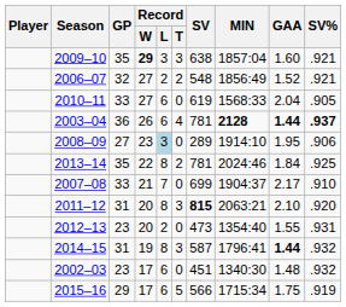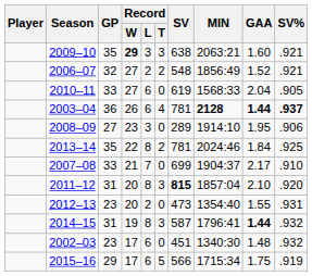 <table class="wikitable sortable" style="text-align:center;">
 <tr>
 <th rowspan="2">Player</th>
 <th rowspan="2">Season</th>
 <th rowspan="2">GP</th>
 <th colspan="3">Record</th>
 <th rowspan="2">SV</th>
 <th rowspan="2">MIN</th>
 <th rowspan="2">GAA</th>
 <th rowspan="2">SV%</th>
 </tr>
 <tr>
 <th>W</th>
 <th>L</th>
 <th>T</th>
 </tr>
 <tr>
 <td align="left"></td>
 <td><a href='#'>2009–10</a></td>
 <td>35</td>
 <td><strong>29</strong></td>
 <td>3</td>
 <td>3</td>
 <td>638</td>
-<td align="left">1857:04</td>
+<td align="left">2063:21</td>
 <td>1.60</td>
 <td>.921</td>
 </tr>
 <tr>
 <td align="left"></td>
 <td><a href='#'>2006–07</a></td>
 <td>32</td>
 <td>27</td>
 <td>2</td>
 <td>2</td>
 <td>548</td>
 <td align="left">1856:49</td>
 <td>1.52</td>
 <td>.921</td>
 </tr>
 <tr>
 <td align="left"></td>
 <td><a href='#'>2010–11</a></td>
 <td>33</td>
 <td>27</td>
 <td>6</td>
 <td>0</td>
 <td>619</td>
 <td align="left">1568:33</td>
 <td>2.04</td>
 <td>.905</td>
 </tr>
 <tr>
 <td align="left"></td>
 <td><a href='#'>2003–04</a></td>
 <td>36</td>
 <td>26</td>
 <td>6</td>
 <td>4</td>
 <td>781</td>
 <td align="left"><strong>2128</strong></td>
 <td><strong>1.44</strong></td>
 <td><strong>.937</strong></td>
 </tr>
 <tr>
 <td align="left"></td>
 <td><a href='#'>2008–09</a></td>
 <td>27</td>
 <td>23</td>
-<td style="background: lightblue;">3</td>
+<td>3</td>
 <td>0</td>
 <td>289</td>
 <td align="left">1914:10</td>
 <td>1.95</td>
 <td>.906</td>
 </tr>
 <tr>
 <td align="left"></td>
 <td><a href='#'>2013–14</a></td>
 <td>35</td>
 <td>22</td>
 <td>8</td>
 <td>2</td>
 <td>781</td>
 <td align="left">2024:46</td>
 <td>1.84</td>
 <td>.925</td>
 </tr>
 <tr>
 <td align="left"></td>
 <td><a href='#'>2007–08</a></td>
 <td>33</td>
 <td>21</td>
 <td>7</td>
 <td>0</td>
 <td>699</td>
 <td align="left">1904:37</td>
 <td>2.17</td>
 <td>.910</td>
 </tr>
 <tr>
 <td align="left"></td>
 <td><a href='#'>2011–12</a></td>
 <td>31</td>
 <td>20</td>
 <td>8</td>
 <td>3</td>
 <td><strong>815</strong></td>
-<td align="left">2063:21</td>
+<td align="left">1857:04</td>
 <td>2.10</td>
 <td>.920</td>
 </tr>
 <tr>
 <td align="left"></td>
 <td><a href='#'>2012–13</a></td>
 <td>23</td>
 <td>20</td>
 <td>2</td>
 <td>0</td>
 <td>473</td>
 <td align="left">1354:40</td>
 <td>1.55</td>
 <td>.931</td>
 </tr>
 <tr>
 <td align="left"></td>
 <td><a href='#'>2014–15</a></td>
 <td>31</td>
 <td>19</td>
 <td>8</td>
 <td>3</td>
 <td>587</td>
 <td align="left">1796:41</td>
 <td><strong>1.44</strong></td>
 <td>.932</td>
 </tr>
 <tr>
 <td align="left"></td>
 <td><a href='#'>2002–03</a></td>
 <td>23</td>
 <td>17</td>
 <td>6</td>
 <td>0</td>
 <td>451</td>
 <td align="left">1340:30</td>
 <td>1.48</td>
 <td>.932</td>
 </tr>
 <tr>
 <td align="left"></td>
 <td><a href='#'>2015–16</a></td>
 <td>29</td>
 <td>17</td>
 <td>6</td>
 <td>5</td>
 <td>566</td>
 <td align="left">1715:34</td>
 <td>1.75</td>
 <td>.919</td>
 </tr>
 </table>
